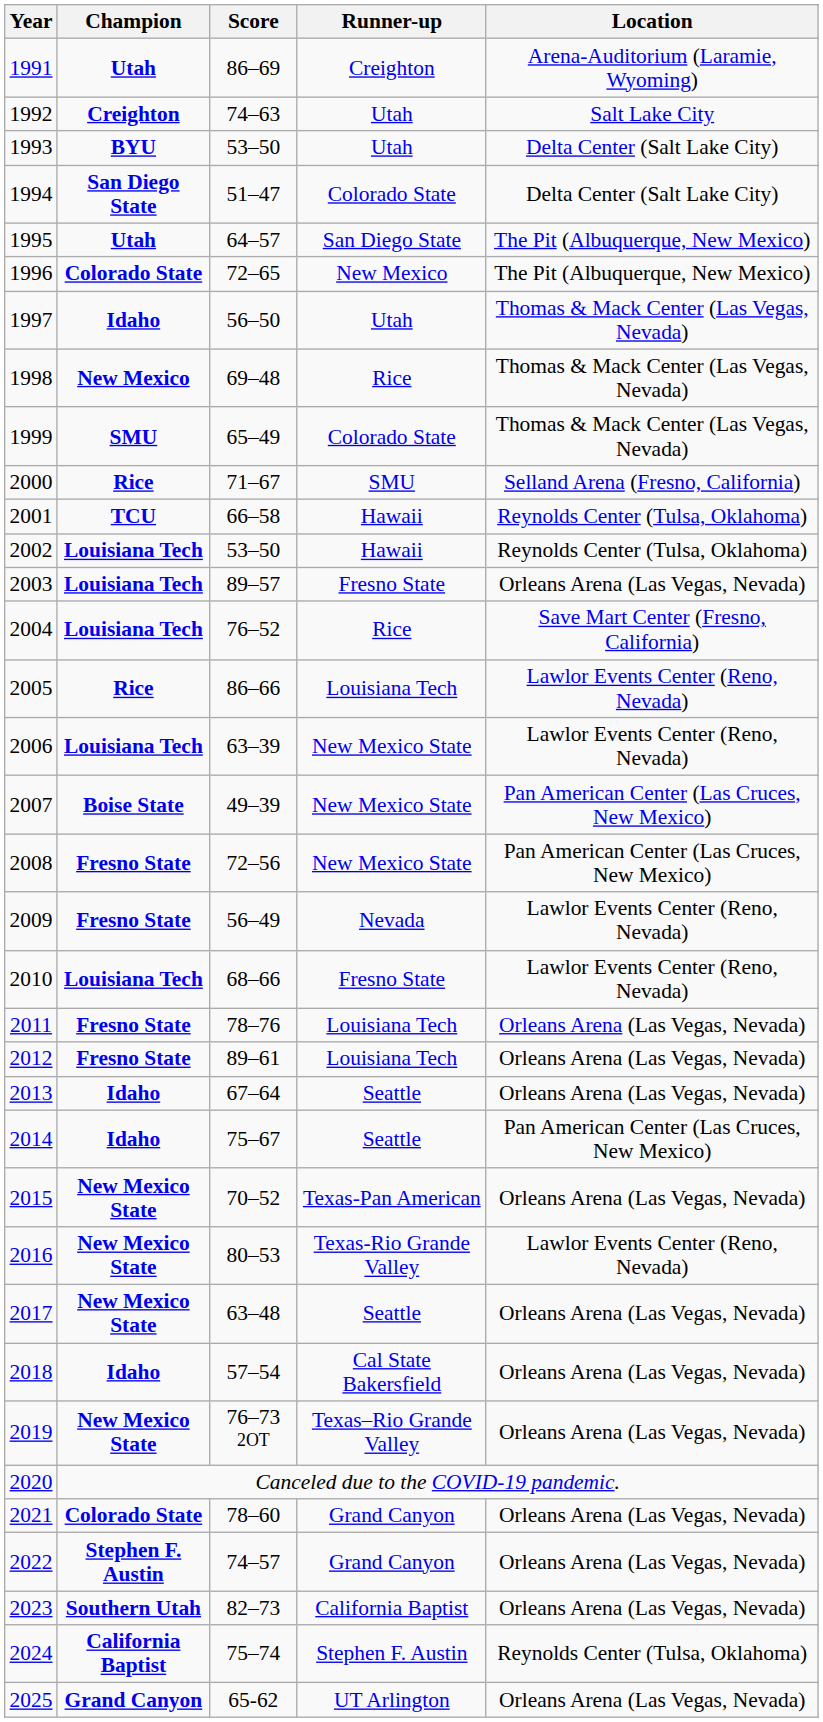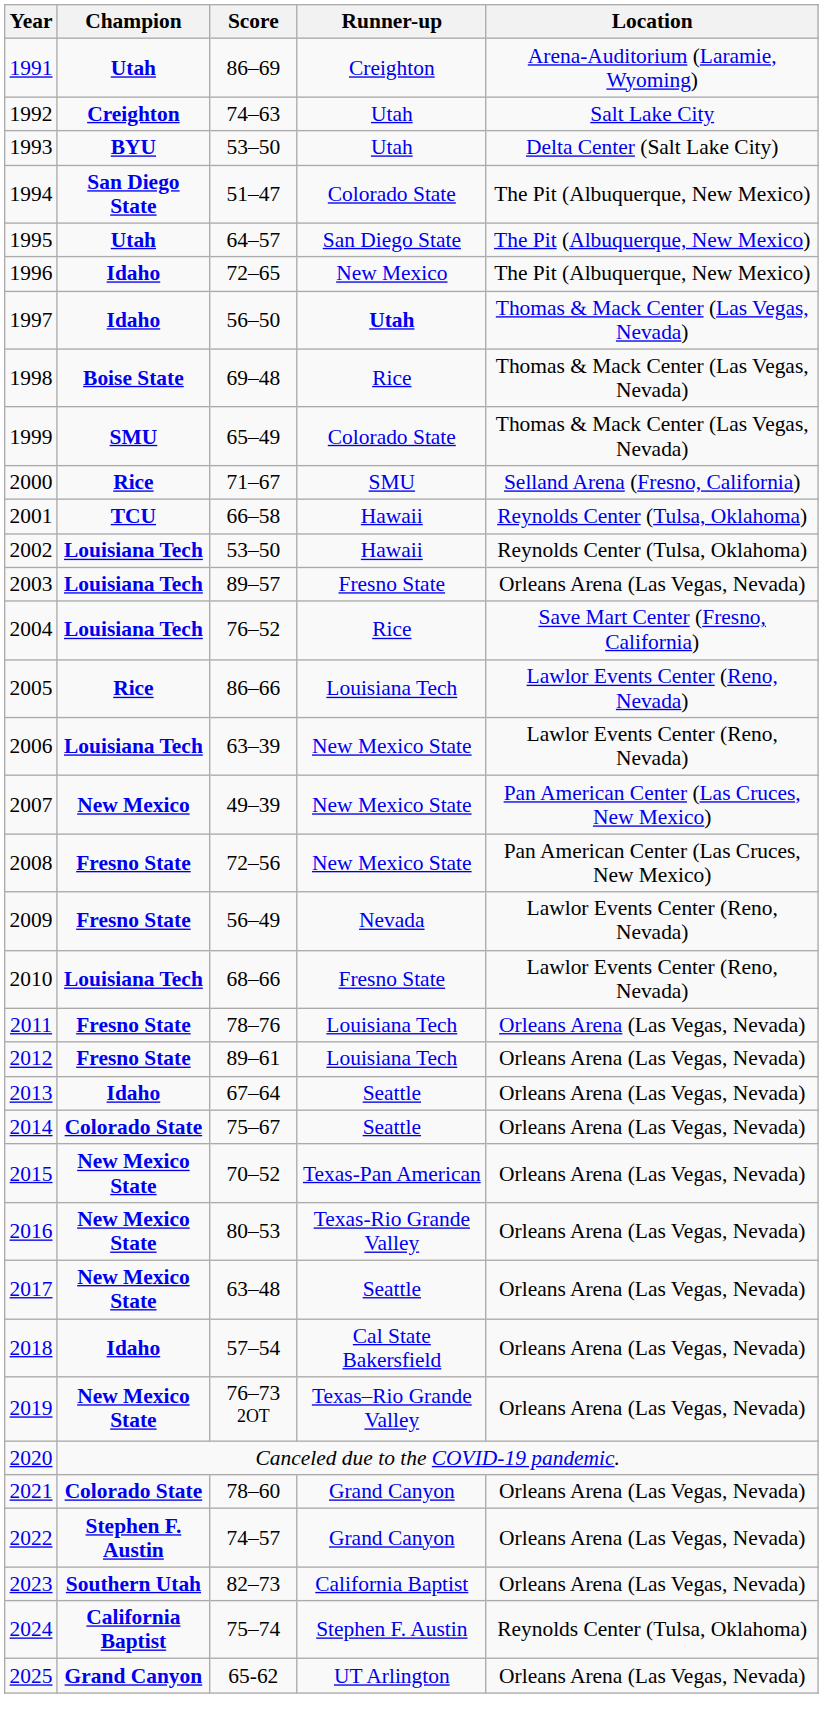 <table class="wikitable sortable" style="text-align:center">
 <tr>
 <th width=px>Year</th>
 <th width=px>Champion</th>
 <th width=px>Score</th>
 <th width=px>Runner-up</th>
 <th width=px>Location</th>
 </tr>
 <tr>
 <td><a href='#'>1991</a></td>
 <td><strong><a href='#'>Utah</a></strong></td>
 <td>86–69</td>
 <td><a href='#'>Creighton</a></td>
 <td><a href='#'>Arena-Auditorium</a> (<a href='#'>Laramie, Wyoming</a>)</td>
 </tr>
 <tr>
 <td>1992</td>
 <td><strong><a href='#'>Creighton</a></strong></td>
 <td>74–63</td>
 <td><a href='#'>Utah</a></td>
 <td><a href='#'>Salt Lake City</a></td>
 </tr>
 <tr>
 <td>1993</td>
 <td><strong><a href='#'>BYU</a></strong></td>
 <td>53–50</td>
 <td><a href='#'>Utah</a></td>
 <td><a href='#'>Delta Center</a> (Salt Lake City)</td>
 </tr>
 <tr>
 <td>1994</td>
 <td><strong><a href='#'>San Diego State</a></strong></td>
 <td>51–47</td>
 <td><a href='#'>Colorado State</a></td>
-<td>Delta Center (Salt Lake City)</td>
+<td>The Pit (Albuquerque, New Mexico)</td>
 </tr>
 <tr>
 <td>1995</td>
 <td><strong><a href='#'>Utah</a></strong></td>
 <td>64–57</td>
 <td><a href='#'>San Diego State</a></td>
 <td><a href='#'>The Pit</a> (<a href='#'>Albuquerque, New Mexico</a>)</td>
 </tr>
 <tr>
 <td>1996</td>
-<td><strong><a href='#'>Colorado State</a></strong></td>
+<td><strong><a href='#'>Idaho</a></strong></td>
 <td>72–65</td>
 <td><a href='#'>New Mexico</a></td>
 <td>The Pit (Albuquerque, New Mexico)</td>
 </tr>
 <tr>
 <td>1997</td>
 <td><strong><a href='#'>Idaho</a></strong></td>
 <td>56–50</td>
-<td><a href='#'>Utah</a></td>
+<td><strong><a href='#'>Utah</a></strong></td>
 <td><a href='#'>Thomas & Mack Center</a> (<a href='#'>Las Vegas, Nevada</a>)</td>
 </tr>
 <tr>
 <td>1998</td>
-<td><strong><a href='#'>New Mexico</a></strong></td>
+<td><strong><a href='#'>Boise State</a></strong></td>
 <td>69–48</td>
 <td><a href='#'>Rice</a></td>
 <td>Thomas & Mack Center (Las Vegas, Nevada)</td>
 </tr>
 <tr>
 <td>1999</td>
 <td><strong><a href='#'>SMU</a></strong></td>
 <td>65–49</td>
 <td><a href='#'>Colorado State</a></td>
 <td>Thomas & Mack Center (Las Vegas, Nevada)</td>
 </tr>
 <tr>
 <td>2000</td>
 <td><strong><a href='#'>Rice</a></strong></td>
 <td>71–67</td>
 <td><a href='#'>SMU</a></td>
 <td><a href='#'>Selland Arena</a> (<a href='#'>Fresno, California</a>)</td>
 </tr>
 <tr>
 <td>2001</td>
 <td><strong><a href='#'>TCU</a></strong></td>
 <td>66–58</td>
 <td><a href='#'>Hawaii</a></td>
 <td><a href='#'>Reynolds Center</a> (<a href='#'>Tulsa, Oklahoma</a>)</td>
 </tr>
 <tr>
 <td>2002</td>
 <td><strong><a href='#'>Louisiana Tech</a></strong></td>
 <td>53–50</td>
 <td><a href='#'>Hawaii</a></td>
 <td>Reynolds Center (Tulsa, Oklahoma)</td>
 </tr>
 <tr>
 <td>2003</td>
 <td><strong><a href='#'>Louisiana Tech</a></strong></td>
 <td>89–57</td>
 <td><a href='#'>Fresno State</a></td>
 <td>Orleans Arena (Las Vegas, Nevada)</td>
 </tr>
 <tr>
 <td>2004</td>
 <td><strong><a href='#'>Louisiana Tech</a></strong></td>
 <td>76–52</td>
 <td><a href='#'>Rice</a></td>
 <td><a href='#'>Save Mart Center</a> (<a href='#'>Fresno, California</a>)</td>
 </tr>
 <tr>
 <td>2005</td>
 <td><strong><a href='#'>Rice</a></strong></td>
 <td>86–66</td>
 <td><a href='#'>Louisiana Tech</a></td>
 <td><a href='#'>Lawlor Events Center</a> (<a href='#'>Reno, Nevada</a>)</td>
 </tr>
 <tr>
 <td>2006</td>
 <td><strong><a href='#'>Louisiana Tech</a></strong></td>
 <td>63–39</td>
 <td><a href='#'>New Mexico State</a></td>
 <td>Lawlor Events Center (Reno, Nevada)</td>
 </tr>
 <tr>
 <td>2007</td>
-<td><strong><a href='#'>Boise State</a></strong></td>
+<td><strong><a href='#'>New Mexico</a></strong></td>
 <td>49–39</td>
 <td><a href='#'>New Mexico State</a></td>
 <td><a href='#'>Pan American Center</a> (<a href='#'>Las Cruces, New Mexico</a>)</td>
 </tr>
 <tr>
 <td>2008</td>
 <td><strong><a href='#'>Fresno State</a></strong></td>
 <td>72–56</td>
 <td><a href='#'>New Mexico State</a></td>
 <td>Pan American Center (Las Cruces, New Mexico)</td>
 </tr>
 <tr>
 <td>2009</td>
 <td><strong><a href='#'>Fresno State</a></strong></td>
 <td>56–49</td>
 <td><a href='#'>Nevada</a></td>
 <td>Lawlor Events Center (Reno, Nevada)</td>
 </tr>
 <tr>
 <td>2010</td>
 <td><strong><a href='#'>Louisiana Tech</a></strong></td>
 <td>68–66</td>
 <td><a href='#'>Fresno State</a></td>
 <td>Lawlor Events Center (Reno, Nevada)</td>
 </tr>
 <tr>
 <td><a href='#'>2011</a></td>
 <td><strong><a href='#'>Fresno State</a></strong></td>
 <td>78–76</td>
 <td><a href='#'>Louisiana Tech</a></td>
 <td><a href='#'>Orleans Arena</a> (Las Vegas, Nevada)</td>
 </tr>
 <tr>
 <td><a href='#'>2012</a></td>
 <td><strong><a href='#'>Fresno State</a></strong></td>
 <td>89–61</td>
 <td><a href='#'>Louisiana Tech</a></td>
 <td>Orleans Arena (Las Vegas, Nevada)</td>
 </tr>
 <tr>
 <td><a href='#'>2013</a></td>
 <td><strong><a href='#'>Idaho</a></strong></td>
 <td>67–64</td>
 <td><a href='#'>Seattle</a></td>
 <td>Orleans Arena (Las Vegas, Nevada)</td>
 </tr>
 <tr>
 <td><a href='#'>2014</a></td>
-<td><strong><a href='#'>Idaho</a></strong></td>
+<td><strong><a href='#'>Colorado State</a></strong></td>
 <td>75–67</td>
 <td><a href='#'>Seattle</a></td>
-<td>Pan American Center (Las Cruces, New Mexico)</td>
+<td>Orleans Arena (Las Vegas, Nevada)</td>
 </tr>
 <tr>
 <td><a href='#'>2015</a></td>
 <td><strong><a href='#'>New Mexico State</a></strong></td>
 <td>70–52</td>
 <td><a href='#'>Texas-Pan American</a></td>
 <td>Orleans Arena (Las Vegas, Nevada)</td>
 </tr>
 <tr>
 <td><a href='#'>2016</a></td>
 <td><strong><a href='#'>New Mexico State</a></strong></td>
 <td>80–53</td>
 <td><a href='#'>Texas-Rio Grande Valley</a></td>
-<td>Lawlor Events Center (Reno, Nevada)</td>
+<td>Orleans Arena (Las Vegas, Nevada)</td>
 </tr>
 <tr>
 <td><a href='#'>2017</a></td>
 <td><strong><a href='#'>New Mexico State</a></strong></td>
 <td>63–48</td>
 <td><a href='#'>Seattle</a></td>
 <td>Orleans Arena (Las Vegas, Nevada)</td>
 </tr>
 <tr>
 <td><a href='#'>2018</a></td>
 <td><strong><a href='#'>Idaho</a></strong></td>
 <td>57–54</td>
 <td><a href='#'>Cal State Bakersfield</a></td>
 <td>Orleans Arena (Las Vegas, Nevada)</td>
 </tr>
 <tr>
 <td><a href='#'>2019</a></td>
 <td><strong><a href='#'>New Mexico State</a></strong></td>
 <td>76–73 <sup>2OT</sup></td>
 <td><a href='#'>Texas–Rio Grande Valley</a></td>
 <td>Orleans Arena (Las Vegas, Nevada)</td>
 </tr>
 <tr>
 <td><a href='#'>2020</a></td>
 <td colspan=4><em>Canceled due to the <a href='#'>COVID-19 pandemic</a>.</em></td>
 </tr>
 <tr>
 <td><a href='#'>2021</a></td>
 <td><strong><a href='#'>Colorado State</a></strong></td>
 <td>78–60</td>
 <td><a href='#'>Grand Canyon</a></td>
 <td>Orleans Arena (Las Vegas, Nevada)</td>
 </tr>
 <tr>
 <td><a href='#'>2022</a></td>
 <td><strong><a href='#'>Stephen F. Austin</a></strong></td>
 <td>74–57</td>
 <td><a href='#'>Grand Canyon</a></td>
 <td>Orleans Arena (Las Vegas, Nevada)</td>
 </tr>
 <tr>
 <td><a href='#'>2023</a></td>
 <td><strong><a href='#'>Southern Utah</a></strong></td>
 <td>82–73</td>
 <td><a href='#'>California Baptist</a></td>
 <td>Orleans Arena (Las Vegas, Nevada)</td>
 </tr>
 <tr>
 <td><a href='#'>2024</a></td>
 <td><a href='#'><strong>California Baptist</strong></a></td>
 <td>75–74</td>
 <td><a href='#'>Stephen F. Austin</a></td>
 <td>Reynolds Center (Tulsa, Oklahoma)</td>
 </tr>
 <tr>
 <td><a href='#'>2025</a></td>
 <td><a href='#'><strong>Grand Canyon</strong></a></td>
 <td>65-62</td>
 <td><a href='#'>UT Arlington</a></td>
 <td>Orleans Arena (Las Vegas, Nevada)</td>
 </tr>
 </table>
